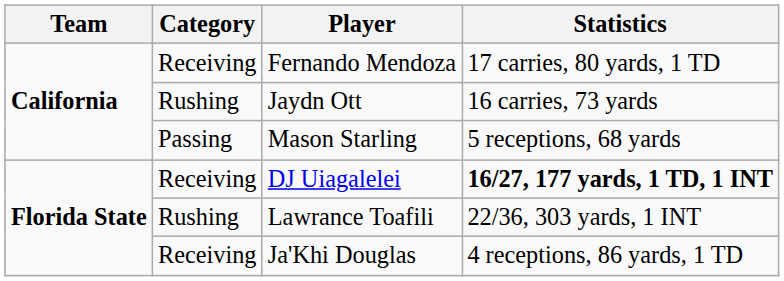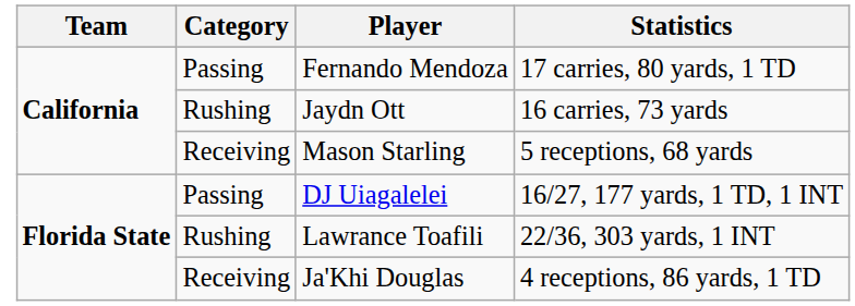 <table class="wikitable" style="float: right;">
 <tr>
 <th>Team</th>
 <th>Category</th>
 <th>Player</th>
 <th>Statistics</th>
 </tr>
 <tr>
 <td rowspan=3><strong>California</strong></td>
-<td>Receiving</td>
+<td>Passing</td>
 <td>Fernando Mendoza</td>
 <td>17 carries, 80 yards, 1 TD</td>
 </tr>
 <tr>
 <td>Rushing</td>
 <td>Jaydn Ott</td>
 <td>16 carries, 73 yards</td>
 </tr>
 <tr>
-<td>Passing</td>
+<td>Receiving</td>
 <td>Mason Starling</td>
 <td>5 receptions, 68 yards</td>
 </tr>
 <tr>
 <td rowspan=3><strong>Florida State</strong></td>
-<td>Receiving</td>
+<td>Passing</td>
 <td><a href='#'>DJ Uiagalelei</a></td>
-<td><strong>16/27, 177 yards, 1 TD, 1 INT</strong></td>
+<td>16/27, 177 yards, 1 TD, 1 INT</td>
 </tr>
 <tr>
 <td>Rushing</td>
 <td>Lawrance Toafili</td>
 <td>22/36, 303 yards, 1 INT</td>
 </tr>
 <tr>
 <td>Receiving</td>
 <td>Ja'Khi Douglas</td>
 <td>4 receptions, 86 yards, 1 TD</td>
 </tr>
 </table>
